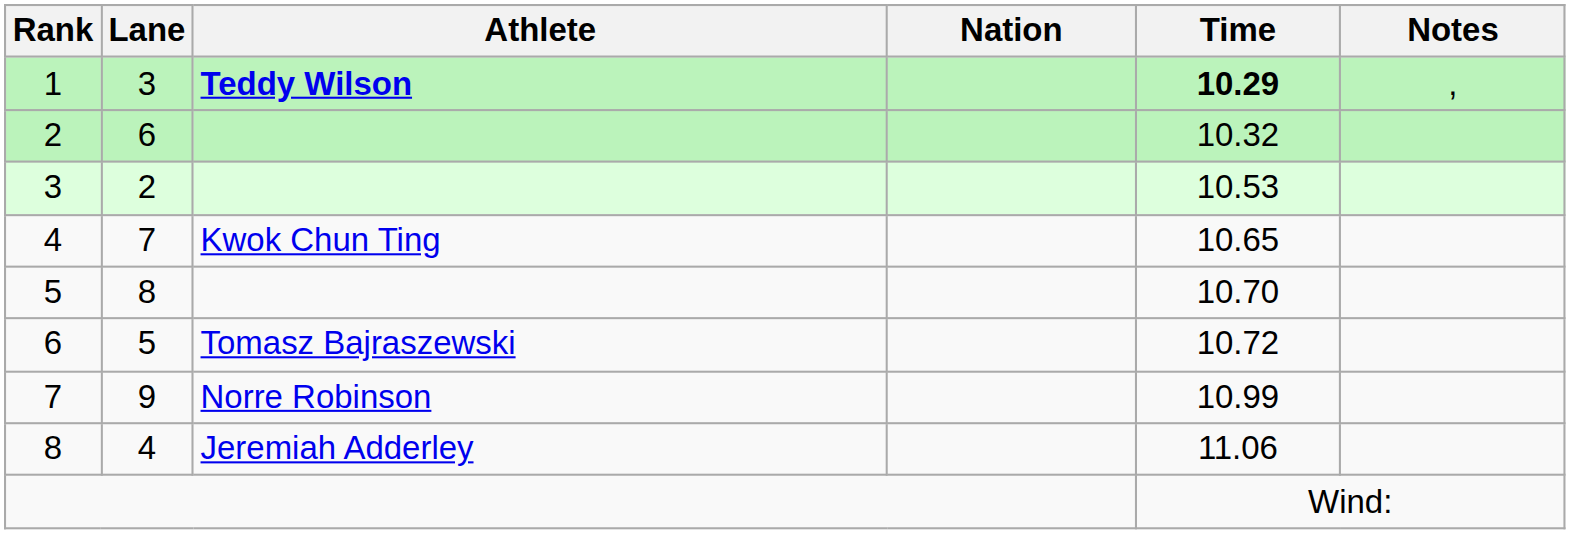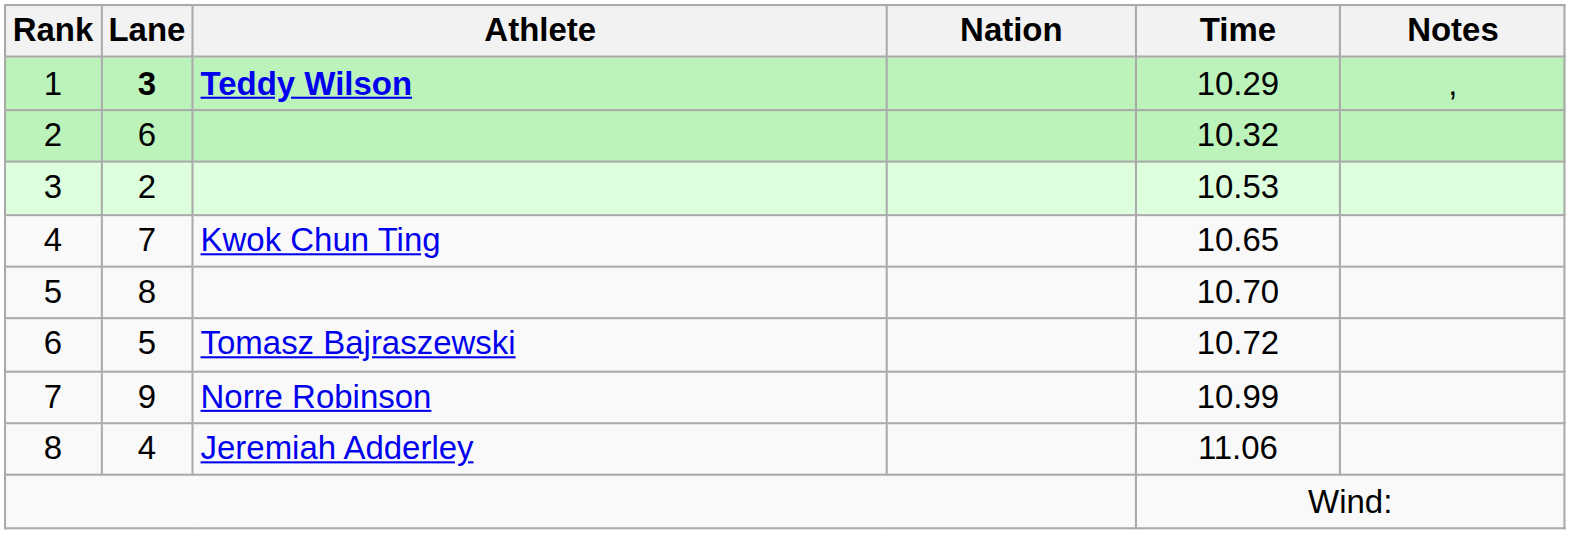 <table class="wikitable sortable" style="text-align:center;width: 60%;">
 <tr>
 <th scope="col" style="width: 10px;">Rank</th>
 <th scope="col" style="width: 10px;">Lane</th>
 <th scope="col">Athlete</th>
 <th scope="col">Nation</th>
 <th scope="col">Time</th>
 <th scope="col">Notes</th>
 </tr>
 <tr bgcolor=bbf3bb>
 <td>1</td>
-<td>3</td>
+<td><strong>3</strong></td>
 <td align=left><strong><a href='#'>Teddy Wilson</a></strong></td>
 <td align=left></td>
-<td><strong>10.29</strong></td>
+<td>10.29</td>
 <td>, </td>
 </tr>
 <tr bgcolor=bbf3bb>
 <td>2</td>
 <td>6</td>
 <td align=left></td>
 <td align=left></td>
 <td>10.32</td>
 <td></td>
 </tr>
 <tr bgcolor=ddffdd>
 <td>3</td>
 <td>2</td>
 <td align=left></td>
 <td align=left></td>
 <td>10.53</td>
 <td></td>
 </tr>
 <tr>
 <td>4</td>
 <td>7</td>
 <td align=left><a href='#'>Kwok Chun Ting</a></td>
 <td align=left></td>
 <td>10.65</td>
 <td></td>
 </tr>
 <tr>
 <td>5</td>
 <td>8</td>
 <td align=left></td>
 <td align=left></td>
 <td>10.70</td>
 <td></td>
 </tr>
 <tr>
 <td>6</td>
 <td>5</td>
 <td align=left><a href='#'>Tomasz Bajraszewski</a></td>
 <td align=left></td>
 <td>10.72</td>
 <td></td>
 </tr>
 <tr>
 <td>7</td>
 <td>9</td>
 <td align=left><a href='#'>Norre Robinson</a></td>
 <td align=left></td>
 <td>10.99</td>
 <td></td>
 </tr>
 <tr>
 <td>8</td>
 <td>4</td>
 <td align=left><a href='#'>Jeremiah Adderley</a></td>
 <td align=left></td>
 <td>11.06</td>
 <td></td>
 </tr>
 <tr class="sortbottom">
 <td colspan="4"></td>
 <td colspan="2">Wind: </td>
 </tr>
 </table>
